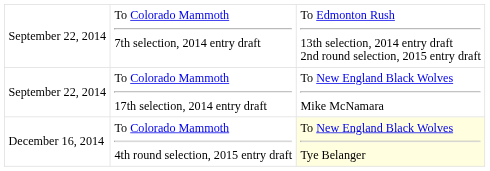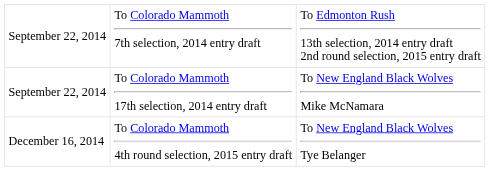 <table border=1 style="border-collapse:collapse" bordercolor="#DFDFDF"  cellpadding="5">
 <tr>
 <td>September 22, 2014</td>
 <td valign="top">To <a href='#'>Colorado Mammoth</a><hr>7th selection, 2014 entry draft</td>
 <td valign="top">To <a href='#'>Edmonton Rush</a><hr>13th selection, 2014 entry draft<br>2nd round selection, 2015 entry draft</td>
 </tr>
 <tr>
 <td>September 22, 2014</td>
 <td valign="top">To <a href='#'>Colorado Mammoth</a><hr>17th selection, 2014 entry draft</td>
 <td valign="top">To <a href='#'>New England Black Wolves</a><hr>Mike McNamara</td>
 </tr>
 <tr>
 <td>December 16, 2014</td>
 <td valign="top">To <a href='#'>Colorado Mammoth</a><hr>4th round selection, 2015 entry draft</td>
-<td valign="top" style="background: lightyellow;">To <a href='#'>New England Black Wolves</a><hr>Tye Belanger</td>
+<td valign="top">To <a href='#'>New England Black Wolves</a><hr>Tye Belanger</td>
 </tr>
 </table>
